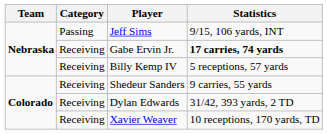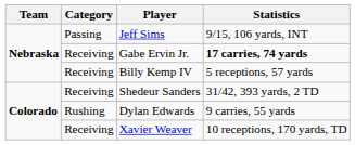 <table class="wikitable" style="float: right;">
 <tr>
 <th>Team</th>
 <th>Category</th>
 <th>Player</th>
 <th>Statistics</th>
 </tr>
 <tr>
 <td rowspan=3><strong>Nebraska</strong></td>
 <td>Passing</td>
 <td><a href='#'>Jeff Sims</a></td>
 <td>9/15, 106 yards, INT</td>
 </tr>
 <tr>
 <td>Receiving</td>
 <td>Gabe Ervin Jr.</td>
 <td><strong>17 carries, 74 yards</strong></td>
 </tr>
 <tr>
 <td>Receiving</td>
 <td>Billy Kemp IV</td>
 <td>5 receptions, 57 yards</td>
 </tr>
 <tr>
 <td rowspan=3><strong>Colorado</strong></td>
 <td>Receiving</td>
 <td>Shedeur Sanders</td>
-<td>9 carries, 55 yards</td>
+<td>31/42, 393 yards, 2 TD</td>
 </tr>
 <tr>
-<td>Receiving</td>
+<td>Rushing</td>
 <td>Dylan Edwards</td>
-<td>31/42, 393 yards, 2 TD</td>
+<td>9 carries, 55 yards</td>
 </tr>
 <tr>
 <td>Receiving</td>
 <td><a href='#'>Xavier Weaver</a></td>
 <td>10 receptions, 170 yards, TD</td>
 </tr>
 </table>
